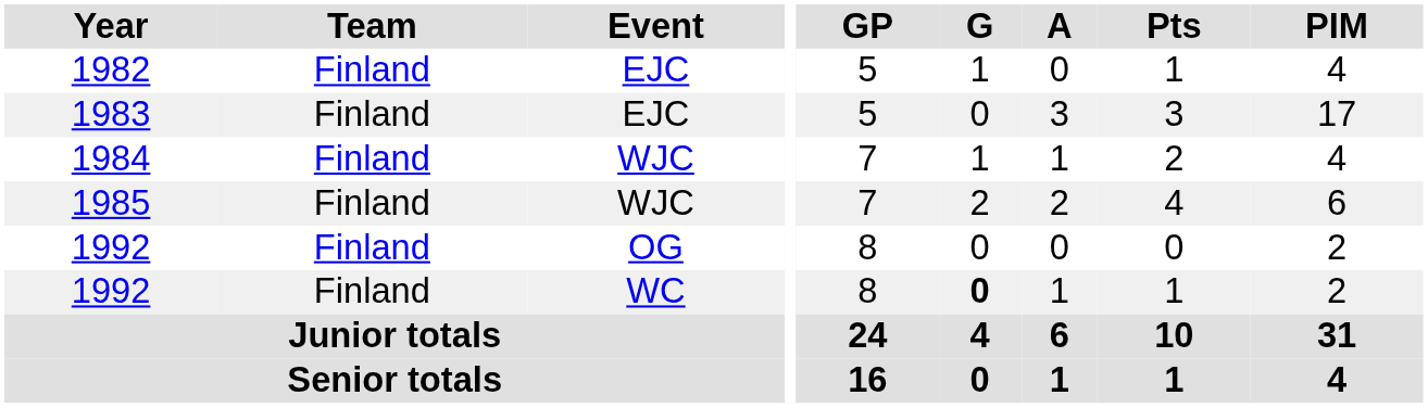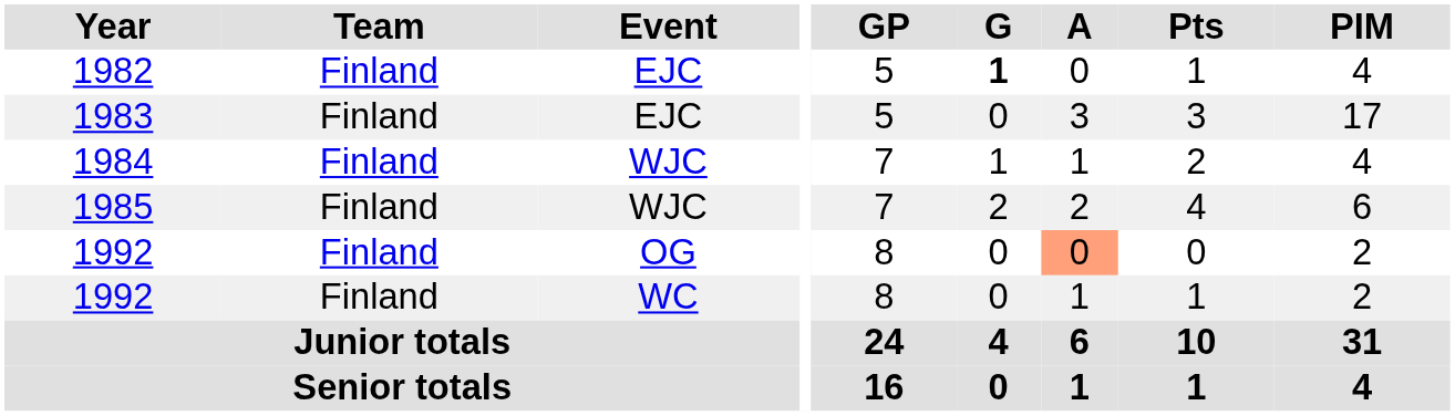 <table border="0" cellpadding="1" cellspacing="0" ID="Table3" style="text-align:center; width:40em">
 <tr ALIGN="center" bgcolor="#e0e0e0">
 <th>Year</th>
 <th>Team</th>
 <th>Event</th>
 <th rowspan="99" bgcolor="#ffffff"></th>
 <th>GP</th>
 <th>G</th>
 <th>A</th>
 <th>Pts</th>
 <th>PIM</th>
 </tr>
 <tr>
 <td><a href='#'>1982</a></td>
 <td><a href='#'>Finland</a></td>
 <td><a href='#'>EJC</a></td>
 <td>5</td>
-<td>1</td>
+<td><strong>1</strong></td>
 <td>0</td>
 <td>1</td>
 <td>4</td>
 </tr>
 <tr bgcolor="#f0f0f0">
 <td><a href='#'>1983</a></td>
 <td>Finland</td>
 <td>EJC</td>
 <td>5</td>
 <td>0</td>
 <td>3</td>
 <td>3</td>
 <td>17</td>
 </tr>
 <tr>
 <td><a href='#'>1984</a></td>
 <td><a href='#'>Finland</a></td>
 <td><a href='#'>WJC</a></td>
 <td>7</td>
 <td>1</td>
 <td>1</td>
 <td>2</td>
 <td>4</td>
 </tr>
 <tr bgcolor="#f0f0f0">
 <td><a href='#'>1985</a></td>
 <td>Finland</td>
 <td>WJC</td>
 <td>7</td>
 <td>2</td>
 <td>2</td>
 <td>4</td>
 <td>6</td>
 </tr>
 <tr>
 <td><a href='#'>1992</a></td>
 <td><a href='#'>Finland</a></td>
 <td><a href='#'>OG</a></td>
 <td>8</td>
 <td>0</td>
-<td>0</td>
+<td style="background: lightsalmon;">0</td>
 <td>0</td>
 <td>2</td>
 </tr>
 <tr bgcolor="#f0f0f0">
 <td><a href='#'>1992</a></td>
 <td>Finland</td>
 <td><a href='#'>WC</a></td>
 <td>8</td>
-<td><strong>0</strong></td>
+<td>0</td>
 <td>1</td>
 <td>1</td>
 <td>2</td>
 </tr>
 <tr bgcolor="#e0e0e0">
 <th colspan="3">Junior totals</th>
 <th>24</th>
 <th>4</th>
 <th>6</th>
 <th>10</th>
 <th>31</th>
 </tr>
 <tr bgcolor="#e0e0e0">
 <th colspan="3">Senior totals</th>
 <th>16</th>
 <th>0</th>
 <th>1</th>
 <th>1</th>
 <th>4</th>
 </tr>
 </table>
